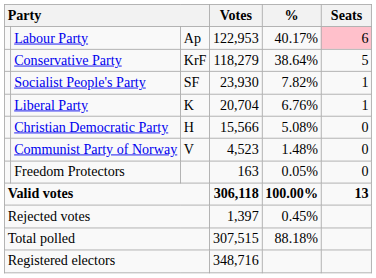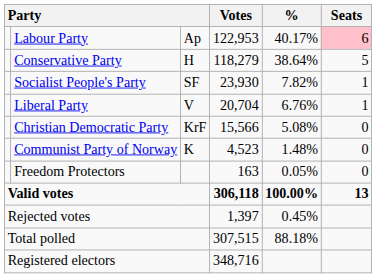 <table class="wikitable" border="1" style="text-align:right;">
 <tr>
 <th style="text-align:left;" colspan=3>Party</th>
 <th align=center width="50">Votes</th>
 <th align=center width="50">%</th>
 <th align=center width="50">Seats</th>
 </tr>
 <tr>
 <td style="color:inherit;background:"></td>
 <td align=left><a href='#'>Labour Party</a></td>
 <td align=left>Ap</td>
 <td>122,953</td>
 <td>40.17%</td>
 <td style="background: pink;">6</td>
 </tr>
 <tr>
 <td style="color:inherit;background:"></td>
 <td align=left><a href='#'>Conservative Party</a></td>
-<td align=left>KrF</td>
+<td align=left>H</td>
 <td>118,279</td>
 <td>38.64%</td>
 <td>5</td>
 </tr>
 <tr>
 <td style="color:inherit;background:"></td>
 <td align=left><a href='#'>Socialist People's Party</a></td>
 <td align=left>SF</td>
 <td>23,930</td>
 <td>7.82%</td>
 <td>1</td>
 </tr>
 <tr>
 <td style="color:inherit;background:"></td>
 <td align=left><a href='#'>Liberal Party</a></td>
-<td align=left>K</td>
+<td align=left>V</td>
 <td>20,704</td>
 <td>6.76%</td>
 <td>1</td>
 </tr>
 <tr>
 <td style="color:inherit;background:"></td>
 <td align=left><a href='#'>Christian Democratic Party</a></td>
-<td align=left>H</td>
+<td align=left>KrF</td>
 <td>15,566</td>
 <td>5.08%</td>
 <td>0</td>
 </tr>
 <tr>
 <td style="color:inherit;background:"></td>
 <td align=left><a href='#'>Communist Party of Norway</a></td>
-<td align=left>V</td>
+<td align=left>K</td>
 <td>4,523</td>
 <td>1.48%</td>
 <td>0</td>
 </tr>
 <tr>
 <td></td>
 <td align=left>Freedom Protectors</td>
 <td align=left></td>
 <td>163</td>
 <td>0.05%</td>
 <td>0</td>
 </tr>
 <tr style="font-weight:bold">
 <td align=left colspan=3>Valid votes</td>
 <td>306,118</td>
 <td>100.00%</td>
 <td>13</td>
 </tr>
 <tr>
 <td align=left colspan=3>Rejected votes</td>
 <td>1,397</td>
 <td>0.45%</td>
 <td></td>
 </tr>
 <tr>
 <td align=left colspan=3>Total polled</td>
 <td>307,515</td>
 <td>88.18%</td>
 <td></td>
 </tr>
 <tr>
 <td align=left colspan=3>Registered electors</td>
 <td>348,716</td>
 <td></td>
 <td></td>
 </tr>
 </table>
